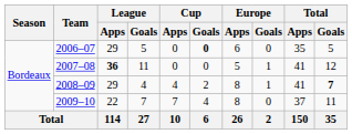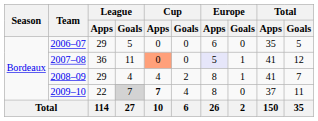 <table class="wikitable" style="text-align:center">
 <tr>
 <th rowspan="2">Season</th>
 <th rowspan="2">Team</th>
 <th colspan="2">League</th>
 <th colspan="2">Cup</th>
 <th colspan="2">Europe</th>
 <th colspan="2">Total</th>
 </tr>
 <tr>
 <th>Apps</th>
 <th>Goals</th>
 <th>Apps</th>
 <th>Goals</th>
 <th>Apps</th>
 <th>Goals</th>
 <th>Apps</th>
 <th>Goals</th>
 </tr>
 <tr>
 <td rowspan="4"><a href='#'>Bordeaux</a></td>
 <td><a href='#'>2006–07</a></td>
 <td>29</td>
 <td>5</td>
 <td>0</td>
-<td><strong>0</strong></td>
+<td>0</td>
 <td>6</td>
 <td>0</td>
 <td>35</td>
 <td>5</td>
 </tr>
 <tr>
 <td><a href='#'>2007–08</a></td>
-<td><strong>36</strong></td>
+<td>36</td>
 <td>11</td>
+<td style="background: lightsalmon;">0</td>
 <td>0</td>
-<td>0</td>
-<td>5</td>
+<td style="background: lavender;">5</td>
 <td>1</td>
 <td>41</td>
 <td>12</td>
 </tr>
 <tr>
 <td><a href='#'>2008–09</a></td>
 <td>29</td>
 <td>4</td>
 <td>4</td>
 <td>2</td>
 <td>8</td>
 <td>1</td>
 <td>41</td>
-<td><strong>7</strong></td>
+<td>7</td>
 </tr>
 <tr>
 <td><a href='#'>2009–10</a></td>
 <td>22</td>
-<td>7</td>
-<td>7</td>
+<td style="background: lightgrey;">7</td>
+<td><strong>7</strong></td>
 <td>4</td>
 <td>8</td>
 <td>0</td>
 <td>37</td>
 <td>11</td>
 </tr>
 <tr>
 <th colspan="2">Total</th>
 <th>114</th>
 <th>27</th>
 <th>10</th>
 <th>6</th>
 <th>26</th>
 <th>2</th>
 <th>150</th>
 <th>35</th>
 </tr>
 </table>
